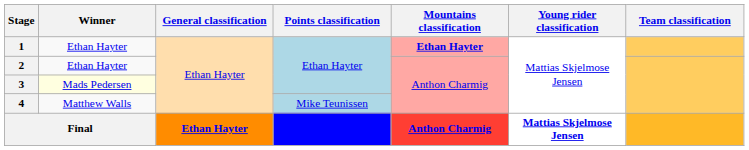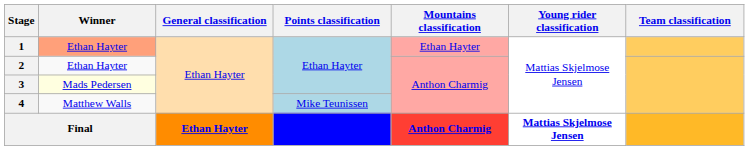 <table class="wikitable" style="text-align: center; font-size:smaller;">
 <tr style="background:#efefef;">
 <th scope="col" style="width:2%;">Stage</th>
 <th scope="col" style="width:14%;">Winner</th>
 <th scope="col" style="width:14%;"><a href='#'>General classification</a><br></th>
 <th scope="col" style="width:14%;"><a href='#'>Points classification</a><br></th>
 <th scope="col" style="width:14%;"><a href='#'>Mountains classification</a><br></th>
 <th scope="col" style="width:14%;"><a href='#'>Young rider classification</a><br></th>
 <th scope="col" style="width:14%;"><a href='#'>Team classification</a></th>
 </tr>
 <tr>
 <th>1</th>
-<td><a href='#'>Ethan Hayter</a></td>
+<td style="background: lightsalmon;"><a href='#'>Ethan Hayter</a></td>
 <td style="background:navajowhite;" rowspan="4"><a href='#'>Ethan Hayter</a></td>
 <td style="background:lightblue;" rowspan="3"><a href='#'>Ethan Hayter</a></td>
-<td style="background:#FFA8A4;"><strong><a href='#'>Ethan Hayter</a></strong></td>
+<td style="background:#FFA8A4;"><a href='#'>Ethan Hayter</a></td>
 <td style="background:white;" rowspan="4"><a href='#'>Mattias Skjelmose Jensen</a></td>
 <td style="background:#FFCD5F;"></td>
 </tr>
 <tr>
 <th>2</th>
 <td><a href='#'>Ethan Hayter</a></td>
 <td style="background:#FFA8A4;" rowspan="3"><a href='#'>Anthon Charmig</a></td>
 <td style="background:#FFCD5F;" rowspan="3"></td>
 </tr>
 <tr>
 <th>3</th>
 <td style="background: lightyellow;"><a href='#'>Mads Pedersen</a></td>
 </tr>
 <tr>
 <th>4</th>
 <td><a href='#'>Matthew Walls</a></td>
 <td style="background:lightblue;"><a href='#'>Mike Teunissen</a></td>
 </tr>
 <tr>
 <th colspan="2">Final</th>
 <th style="background:#FF8C00;"><a href='#'>Ethan Hayter</a></th>
 <th style="background:blue;"></th>
 <th style="background:#FF3E33;"><a href='#'>Anthon Charmig</a></th>
 <th style="background:white;"><a href='#'>Mattias Skjelmose Jensen</a></th>
 <th style="background:#FFB927;"></th>
 </tr>
 </table>
